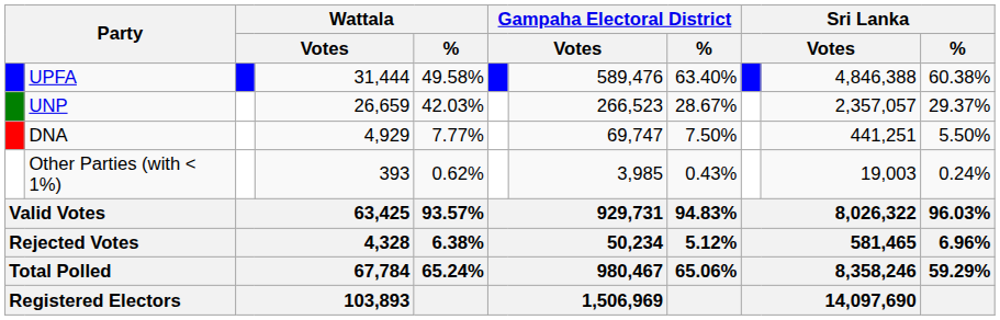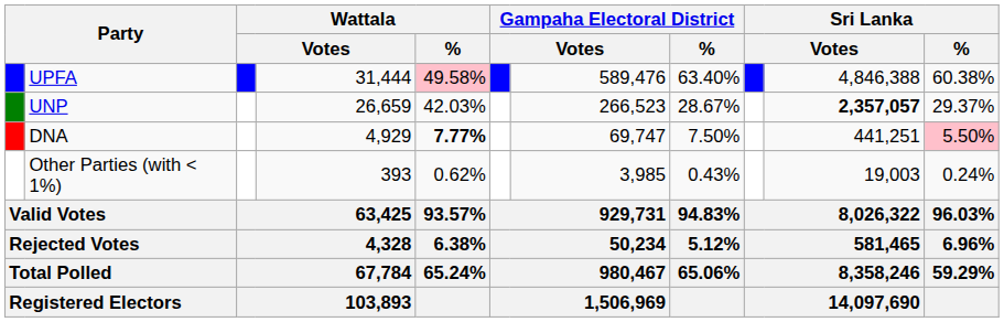 <table class="wikitable">
 <tr>
 <th colspan="2" width="144px"rowspan="2">Party</th>
 <th colspan="3" width="216px">Wattala</th>
 <th colspan="3" width="216px"><a href='#'>Gampaha Electoral District</a></th>
 <th colspan="3" width="216px">Sri Lanka</th>
 </tr>
 <tr>
 <th colspan="2" width="144px">Votes</th>
 <th>%</th>
 <th colspan="2" width="144px">Votes</th>
 <th>%</th>
 <th colspan="2" width="144px">Votes</th>
 <th>%</th>
 </tr>
 <tr>
 <td style="background-color:blue;" width="10px"></td>
 <td style="text-align:left;"><a href='#'>UPFA</a></td>
 <td style="background-color:blue;" width="10px"></td>
 <td style="text-align:right;">31,444</td>
-<td style="text-align:right;">49.58%</td>
+<td style="background: pink; text-align:right;">49.58%</td>
 <td style="background-color:blue;" width="10px"></td>
 <td style="text-align:right;">589,476</td>
 <td style="text-align:right;">63.40%</td>
 <td style="background-color:blue;" width="10px"></td>
 <td style="text-align:right;">4,846,388</td>
 <td style="text-align:right;">60.38%</td>
 </tr>
 <tr>
 <td style="background-color:green;" width="10px"></td>
 <td style="text-align:left;"><a href='#'>UNP</a></td>
 <td style="background-color:white;" width="10px"></td>
 <td style="text-align:right;">26,659</td>
 <td style="text-align:right;">42.03%</td>
 <td style="background-color:white;" width="10px"></td>
 <td style="text-align:right;">266,523</td>
 <td style="text-align:right;">28.67%</td>
 <td style="background-color:white;" width="10px"></td>
-<td style="text-align:right;">2,357,057</td>
+<td style="text-align:right;"><strong>2,357,057</strong></td>
 <td style="text-align:right;">29.37%</td>
 </tr>
 <tr>
 <td style="background-color:red;" width="10px"></td>
 <td style="text-align:left;">DNA</td>
 <td style="background-color:white;" width="10px"></td>
 <td style="text-align:right;">4,929</td>
-<td style="text-align:right;">7.77%</td>
+<td style="text-align:right;"><strong>7.77%</strong></td>
 <td style="background-color:white;" width="10px"></td>
 <td style="text-align:right;">69,747</td>
 <td style="text-align:right;">7.50%</td>
 <td style="background-color:white;" width="10px"></td>
 <td style="text-align:right;">441,251</td>
-<td style="text-align:right;">5.50%</td>
+<td style="background: pink; text-align:right;">5.50%</td>
 </tr>
 <tr>
 <td style="background-color:white;" width="10px"></td>
 <td style="text-align:left;">Other Parties (with < 1%)</td>
 <td style="background-color:white;" width="10px"></td>
 <td style="text-align:right;">393</td>
 <td style="text-align:right;">0.62%</td>
 <td style="background-color:white;" width="10px"></td>
 <td style="text-align:right;">3,985</td>
 <td style="text-align:right;">0.43%</td>
 <td style="background-color:white;" width="10px"></td>
 <td style="text-align:right;">19,003</td>
 <td style="text-align:right;">0.24%</td>
 </tr>
 <tr>
 <th colspan="2" width="144px"style="text-align:left;">Valid Votes</th>
 <th style="text-align:right;"colspan="2" width="144px">63,425</th>
 <th style="text-align:right;">93.57%</th>
 <th style="text-align:right;"colspan="2" width="144px">929,731</th>
 <th style="text-align:right;">94.83%</th>
 <th style="text-align:right;"colspan="2" width="144px">8,026,322</th>
 <th style="text-align:right;">96.03%</th>
 </tr>
 <tr>
 <th colspan="2" width="144px"style="text-align:left;">Rejected Votes</th>
 <th style="text-align:right;"colspan="2" width="144px">4,328</th>
 <th style="text-align:right;">6.38%</th>
 <th style="text-align:right;"colspan="2" width="144px">50,234</th>
 <th style="text-align:right;">5.12%</th>
 <th style="text-align:right;"colspan="2" width="144px">581,465</th>
 <th style="text-align:right;">6.96%</th>
 </tr>
 <tr>
 <th colspan="2" width="144px"style="text-align:left;">Total Polled</th>
 <th style="text-align:right;"colspan="2" width="144px">67,784</th>
 <th style="text-align:right;">65.24%</th>
 <th style="text-align:right;"colspan="2" width="144px">980,467</th>
 <th style="text-align:right;">65.06%</th>
 <th style="text-align:right;"colspan="2" width="144px">8,358,246</th>
 <th style="text-align:right;">59.29%</th>
 </tr>
 <tr>
 <th colspan="2" width="144px"style="text-align:left;">Registered Electors</th>
 <th style="text-align:right;"colspan="2" width="144px">103,893</th>
 <th></th>
 <th style="text-align:right;"colspan="2" width="144px">1,506,969</th>
 <th></th>
 <th style="text-align:right;"colspan="2" width="144px">14,097,690</th>
 <th></th>
 </tr>
 </table>
